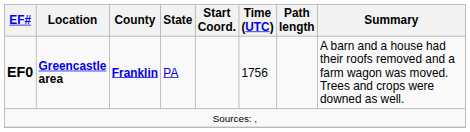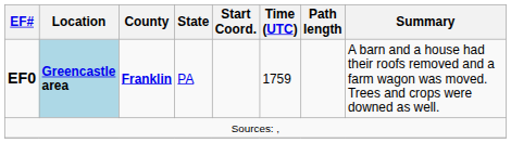 <table class="wikitable collapsible" width="100%">
 <tr>
 <th scope="col"  style="width:3%; text-align:center;"><a href='#'>EF#</a></th>
 <th scope="col"  style="width:7%; text-align:center;" class="unsortable">Location</th>
 <th scope="col"  style="width:6%; text-align:center;" class="unsortable">County</th>
 <th scope="col"  style="width:5%; text-align:center;">State</th>
 <th scope="col"  style="width:6%; text-align:center;">Start Coord.</th>
 <th scope="col"  style="width:6%; text-align:center;">Time (<a href='#'>UTC</a>)</th>
 <th scope="col"  style="width:6%; text-align:center;">Path length</th>
 <th scope="col" class="unsortable" style="width:48%; text-align:center;">Summary</th>
 </tr>
 <tr>
 <td><big><strong>EF0</strong></big></td>
-<td><strong><a href='#'>Greencastle</a> area</strong></td>
+<td style="background: lightblue;"><strong><a href='#'>Greencastle</a> area</strong></td>
 <td><strong><a href='#'>Franklin</a></strong></td>
 <td><a href='#'>PA</a></td>
 <td></td>
-<td>1756</td>
+<td>1759</td>
 <td></td>
 <td>A barn and a house had their roofs removed and a farm wagon was moved. Trees and crops were downed as well.</td>
 </tr>
 <tr>
 <td colspan="8" align=center><small>Sources: , </small></td>
 </tr>
 <tr>
 </tr>
 </table>
